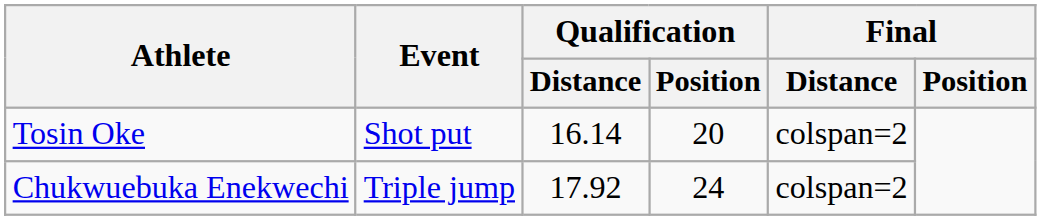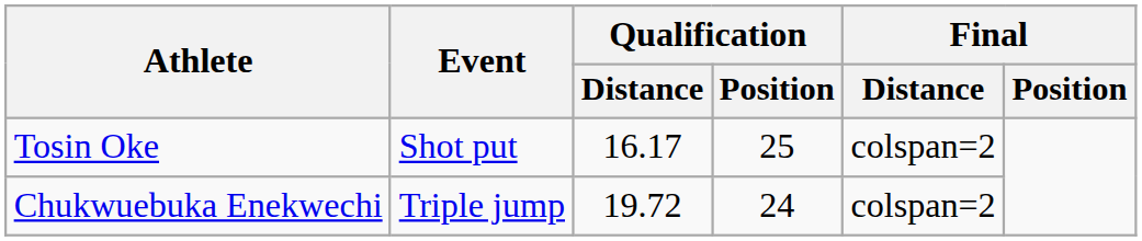 <table class=wikitable style="font-size:90%">
 <tr>
 <th rowspan="2">Athlete</th>
 <th rowspan="2">Event</th>
 <th colspan="2">Qualification</th>
 <th colspan="2">Final</th>
 </tr>
 <tr style="font-size:95%">
 <th>Distance</th>
 <th>Position</th>
 <th>Distance</th>
 <th>Position</th>
 </tr>
 <tr style=text-align:center>
 <td style=text-align:left><a href='#'>Tosin Oke</a></td>
 <td style=text-align:left><a href='#'>Shot put</a></td>
-<td>16.14</td>
-<td>20</td>
+<td>16.17</td>
+<td>25</td>
 <td>colspan=2 </td>
 </tr>
 <tr style=text-align:center>
 <td style=text-align:left><a href='#'>Chukwuebuka Enekwechi</a></td>
 <td style=text-align:left><a href='#'>Triple jump</a></td>
-<td>17.92</td>
+<td>19.72</td>
 <td>24</td>
 <td>colspan=2 </td>
 </tr>
 </table>
